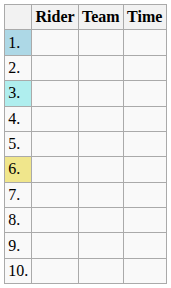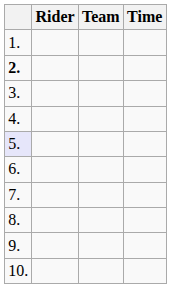 <table class="wikitable">
 <tr>
 <th></th>
 <th>Rider</th>
 <th>Team</th>
 <th>Time</th>
 </tr>
 <tr>
-<td style="background: lightblue;">1.</td>
+<td>1.</td>
 <td> </td>
 <td></td>
 <td align="right"></td>
 </tr>
 <tr>
-<td>2.</td>
+<td><strong>2.</strong></td>
 <td></td>
 <td></td>
 <td align="right"></td>
 </tr>
 <tr>
-<td style="background: paleturquoise;">3.</td>
+<td>3.</td>
 <td></td>
 <td></td>
 <td align="right"></td>
 </tr>
 <tr>
 <td>4.</td>
 <td> </td>
 <td></td>
 <td align="right"></td>
 </tr>
 <tr>
-<td>5.</td>
+<td style="background: lavender;">5.</td>
 <td></td>
 <td></td>
 <td align="right"></td>
 </tr>
 <tr>
-<td style="background: khaki;">6.</td>
+<td>6.</td>
 <td> </td>
 <td></td>
 <td align="right"></td>
 </tr>
 <tr>
 <td>7.</td>
 <td></td>
 <td></td>
 <td align="right"></td>
 </tr>
 <tr>
 <td>8.</td>
 <td> </td>
 <td></td>
 <td align="right"></td>
 </tr>
 <tr>
 <td>9.</td>
 <td></td>
 <td></td>
 <td align="right"></td>
 </tr>
 <tr>
 <td>10.</td>
 <td> </td>
 <td></td>
 <td align="right"></td>
 </tr>
 <tr>
 </tr>
 </table>
